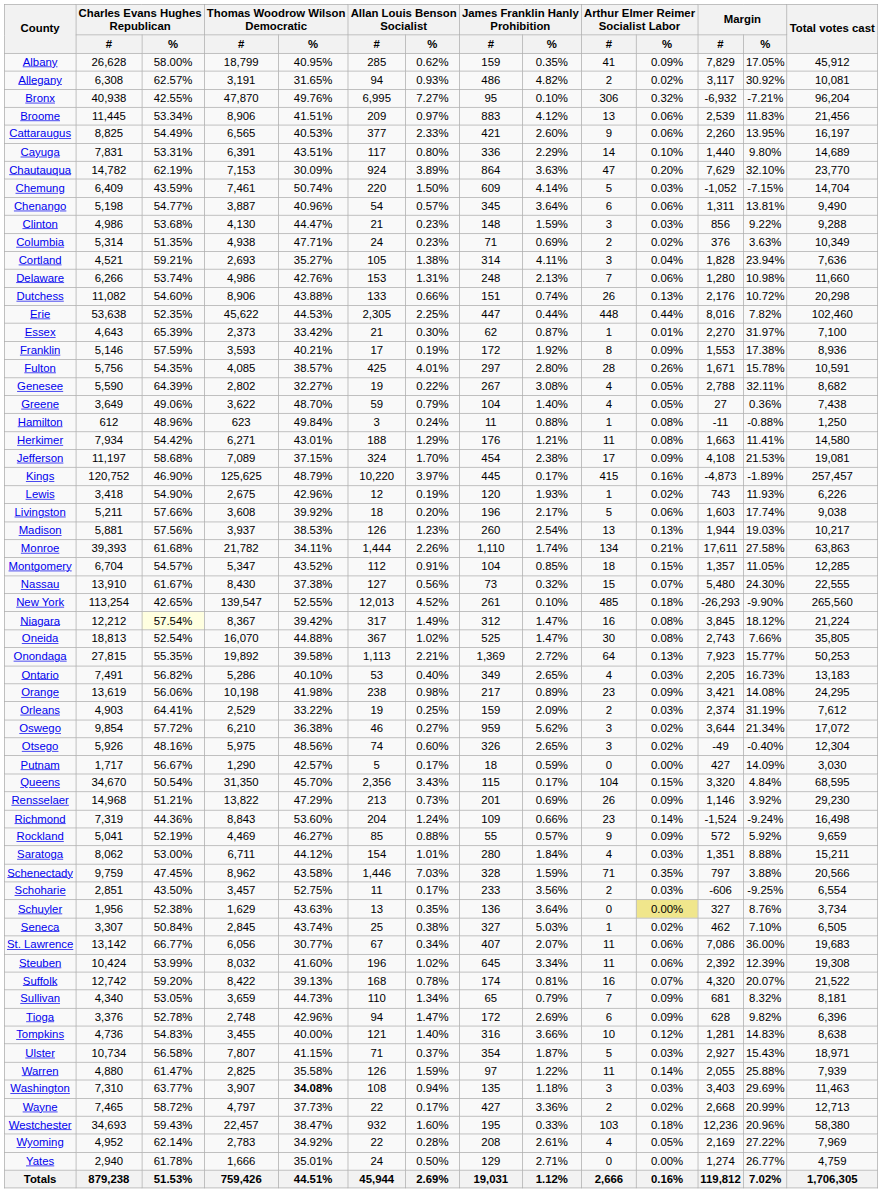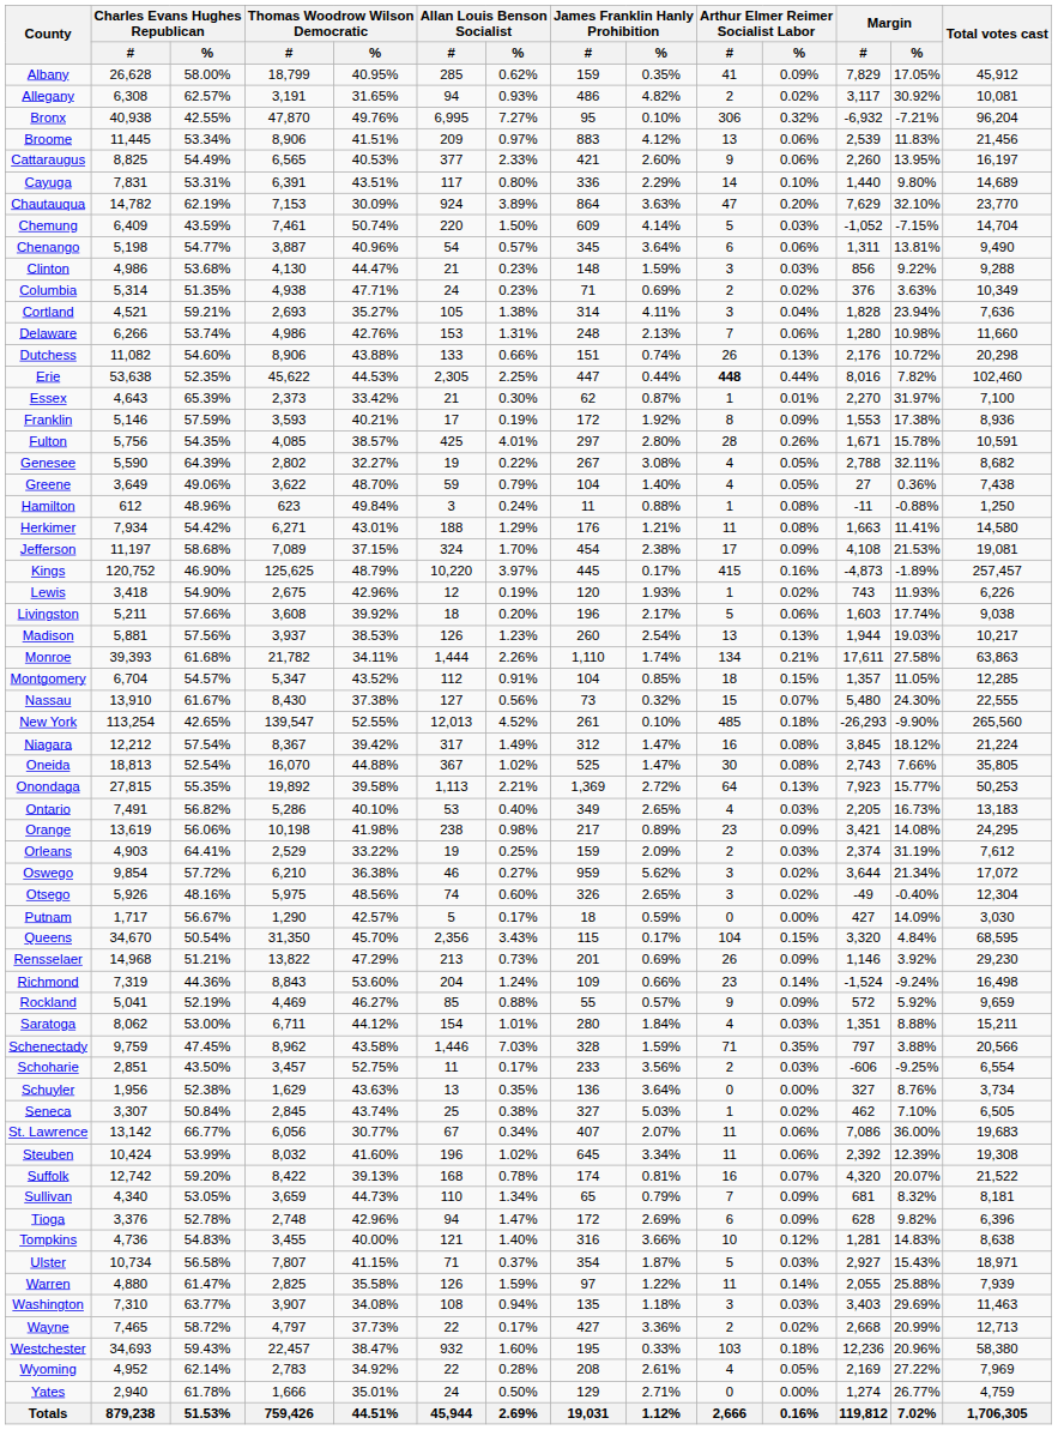 <table class="wikitable sortable" style="text-align:center">
 <tr>
 <th style="text-align:center;" rowspan="2">County</th>
 <th style="text-align:center;" colspan="2">Charles Evans Hughes<br>Republican</th>
 <th style="text-align:center;" colspan="2">Thomas Woodrow Wilson<br>Democratic</th>
 <th style="text-align:center;" colspan="2">Allan Louis Benson<br>Socialist</th>
 <th style="text-align:center;" colspan="2">James Franklin Hanly<br>Prohibition</th>
 <th style="text-align:center;" colspan="2">Arthur Elmer Reimer<br>Socialist Labor</th>
 <th style="text-align:center;" colspan="2">Margin</th>
 <th style="text-align:center;" rowspan="2">Total votes cast</th>
 </tr>
 <tr>
 <th style="text-align:center;" data-sort-type="number">#</th>
 <th style="text-align:center;" data-sort-type="number">%</th>
 <th style="text-align:center;" data-sort-type="number">#</th>
 <th style="text-align:center;" data-sort-type="number">%</th>
 <th style="text-align:center;" data-sort-type="number">#</th>
 <th style="text-align:center;" data-sort-type="number">%</th>
 <th style="text-align:center;" data-sort-type="number">#</th>
 <th style="text-align:center;" data-sort-type="number">%</th>
 <th style="text-align:center;" data-sort-type="number">#</th>
 <th style="text-align:center;" data-sort-type="number">%</th>
 <th style="text-align:center;" data-sort-type="number">#</th>
 <th style="text-align:center;" data-sort-type="number">%</th>
 </tr>
 <tr style="text-align:center;">
 <td><a href='#'>Albany</a></td>
 <td>26,628</td>
 <td>58.00%</td>
 <td>18,799</td>
 <td>40.95%</td>
 <td>285</td>
 <td>0.62%</td>
 <td>159</td>
 <td>0.35%</td>
 <td>41</td>
 <td>0.09%</td>
 <td>7,829</td>
 <td>17.05%</td>
 <td>45,912</td>
 </tr>
 <tr style="text-align:center;">
 <td><a href='#'>Allegany</a></td>
 <td>6,308</td>
 <td>62.57%</td>
 <td>3,191</td>
 <td>31.65%</td>
 <td>94</td>
 <td>0.93%</td>
 <td>486</td>
 <td>4.82%</td>
 <td>2</td>
 <td>0.02%</td>
 <td>3,117</td>
 <td>30.92%</td>
 <td>10,081</td>
 </tr>
 <tr style="text-align:center;">
 <td><a href='#'>Bronx</a></td>
 <td>40,938</td>
 <td>42.55%</td>
 <td>47,870</td>
 <td>49.76%</td>
 <td>6,995</td>
 <td>7.27%</td>
 <td>95</td>
 <td>0.10%</td>
 <td>306</td>
 <td>0.32%</td>
 <td>-6,932</td>
 <td>-7.21%</td>
 <td>96,204</td>
 </tr>
 <tr style="text-align:center;">
 <td><a href='#'>Broome</a></td>
 <td>11,445</td>
 <td>53.34%</td>
 <td>8,906</td>
 <td>41.51%</td>
 <td>209</td>
 <td>0.97%</td>
 <td>883</td>
 <td>4.12%</td>
 <td>13</td>
 <td>0.06%</td>
 <td>2,539</td>
 <td>11.83%</td>
 <td>21,456</td>
 </tr>
 <tr style="text-align:center;">
 <td><a href='#'>Cattaraugus</a></td>
 <td>8,825</td>
 <td>54.49%</td>
 <td>6,565</td>
 <td>40.53%</td>
 <td>377</td>
 <td>2.33%</td>
 <td>421</td>
 <td>2.60%</td>
 <td>9</td>
 <td>0.06%</td>
 <td>2,260</td>
 <td>13.95%</td>
 <td>16,197</td>
 </tr>
 <tr style="text-align:center;">
 <td><a href='#'>Cayuga</a></td>
 <td>7,831</td>
 <td>53.31%</td>
 <td>6,391</td>
 <td>43.51%</td>
 <td>117</td>
 <td>0.80%</td>
 <td>336</td>
 <td>2.29%</td>
 <td>14</td>
 <td>0.10%</td>
 <td>1,440</td>
 <td>9.80%</td>
 <td>14,689</td>
 </tr>
 <tr style="text-align:center;">
 <td><a href='#'>Chautauqua</a></td>
 <td>14,782</td>
 <td>62.19%</td>
 <td>7,153</td>
 <td>30.09%</td>
 <td>924</td>
 <td>3.89%</td>
 <td>864</td>
 <td>3.63%</td>
 <td>47</td>
 <td>0.20%</td>
 <td>7,629</td>
 <td>32.10%</td>
 <td>23,770</td>
 </tr>
 <tr style="text-align:center;">
 <td><a href='#'>Chemung</a></td>
 <td>6,409</td>
 <td>43.59%</td>
 <td>7,461</td>
 <td>50.74%</td>
 <td>220</td>
 <td>1.50%</td>
 <td>609</td>
 <td>4.14%</td>
 <td>5</td>
 <td>0.03%</td>
 <td>-1,052</td>
 <td>-7.15%</td>
 <td>14,704</td>
 </tr>
 <tr style="text-align:center;">
 <td><a href='#'>Chenango</a></td>
 <td>5,198</td>
 <td>54.77%</td>
 <td>3,887</td>
 <td>40.96%</td>
 <td>54</td>
 <td>0.57%</td>
 <td>345</td>
 <td>3.64%</td>
 <td>6</td>
 <td>0.06%</td>
 <td>1,311</td>
 <td>13.81%</td>
 <td>9,490</td>
 </tr>
 <tr style="text-align:center;">
 <td><a href='#'>Clinton</a></td>
 <td>4,986</td>
 <td>53.68%</td>
 <td>4,130</td>
 <td>44.47%</td>
 <td>21</td>
 <td>0.23%</td>
 <td>148</td>
 <td>1.59%</td>
 <td>3</td>
 <td>0.03%</td>
 <td>856</td>
 <td>9.22%</td>
 <td>9,288</td>
 </tr>
 <tr style="text-align:center;">
 <td><a href='#'>Columbia</a></td>
 <td>5,314</td>
 <td>51.35%</td>
 <td>4,938</td>
 <td>47.71%</td>
 <td>24</td>
 <td>0.23%</td>
 <td>71</td>
 <td>0.69%</td>
 <td>2</td>
 <td>0.02%</td>
 <td>376</td>
 <td>3.63%</td>
 <td>10,349</td>
 </tr>
 <tr style="text-align:center;">
 <td><a href='#'>Cortland</a></td>
 <td>4,521</td>
 <td>59.21%</td>
 <td>2,693</td>
 <td>35.27%</td>
 <td>105</td>
 <td>1.38%</td>
 <td>314</td>
 <td>4.11%</td>
 <td>3</td>
 <td>0.04%</td>
 <td>1,828</td>
 <td>23.94%</td>
 <td>7,636</td>
 </tr>
 <tr style="text-align:center;">
 <td><a href='#'>Delaware</a></td>
 <td>6,266</td>
 <td>53.74%</td>
 <td>4,986</td>
 <td>42.76%</td>
 <td>153</td>
 <td>1.31%</td>
 <td>248</td>
 <td>2.13%</td>
 <td>7</td>
 <td>0.06%</td>
 <td>1,280</td>
 <td>10.98%</td>
 <td>11,660</td>
 </tr>
 <tr style="text-align:center;">
 <td><a href='#'>Dutchess</a></td>
 <td>11,082</td>
 <td>54.60%</td>
 <td>8,906</td>
 <td>43.88%</td>
 <td>133</td>
 <td>0.66%</td>
 <td>151</td>
 <td>0.74%</td>
 <td>26</td>
 <td>0.13%</td>
 <td>2,176</td>
 <td>10.72%</td>
 <td>20,298</td>
 </tr>
 <tr style="text-align:center;">
 <td><a href='#'>Erie</a></td>
 <td>53,638</td>
 <td>52.35%</td>
 <td>45,622</td>
 <td>44.53%</td>
 <td>2,305</td>
 <td>2.25%</td>
 <td>447</td>
 <td>0.44%</td>
-<td>448</td>
+<td><strong>448</strong></td>
 <td>0.44%</td>
 <td>8,016</td>
 <td>7.82%</td>
 <td>102,460</td>
 </tr>
 <tr style="text-align:center;">
 <td><a href='#'>Essex</a></td>
 <td>4,643</td>
 <td>65.39%</td>
 <td>2,373</td>
 <td>33.42%</td>
 <td>21</td>
 <td>0.30%</td>
 <td>62</td>
 <td>0.87%</td>
 <td>1</td>
 <td>0.01%</td>
 <td>2,270</td>
 <td>31.97%</td>
 <td>7,100</td>
 </tr>
 <tr style="text-align:center;">
 <td><a href='#'>Franklin</a></td>
 <td>5,146</td>
 <td>57.59%</td>
 <td>3,593</td>
 <td>40.21%</td>
 <td>17</td>
 <td>0.19%</td>
 <td>172</td>
 <td>1.92%</td>
 <td>8</td>
 <td>0.09%</td>
 <td>1,553</td>
 <td>17.38%</td>
 <td>8,936</td>
 </tr>
 <tr style="text-align:center;">
 <td><a href='#'>Fulton</a></td>
 <td>5,756</td>
 <td>54.35%</td>
 <td>4,085</td>
 <td>38.57%</td>
 <td>425</td>
 <td>4.01%</td>
 <td>297</td>
 <td>2.80%</td>
 <td>28</td>
 <td>0.26%</td>
 <td>1,671</td>
 <td>15.78%</td>
 <td>10,591</td>
 </tr>
 <tr style="text-align:center;">
 <td><a href='#'>Genesee</a></td>
 <td>5,590</td>
 <td>64.39%</td>
 <td>2,802</td>
 <td>32.27%</td>
 <td>19</td>
 <td>0.22%</td>
 <td>267</td>
 <td>3.08%</td>
 <td>4</td>
 <td>0.05%</td>
 <td>2,788</td>
 <td>32.11%</td>
 <td>8,682</td>
 </tr>
 <tr style="text-align:center;">
 <td><a href='#'>Greene</a></td>
 <td>3,649</td>
 <td>49.06%</td>
 <td>3,622</td>
 <td>48.70%</td>
 <td>59</td>
 <td>0.79%</td>
 <td>104</td>
 <td>1.40%</td>
 <td>4</td>
 <td>0.05%</td>
 <td>27</td>
 <td>0.36%</td>
 <td>7,438</td>
 </tr>
 <tr style="text-align:center;">
 <td><a href='#'>Hamilton</a></td>
 <td>612</td>
 <td>48.96%</td>
 <td>623</td>
 <td>49.84%</td>
 <td>3</td>
 <td>0.24%</td>
 <td>11</td>
 <td>0.88%</td>
 <td>1</td>
 <td>0.08%</td>
 <td>-11</td>
 <td>-0.88%</td>
 <td>1,250</td>
 </tr>
 <tr style="text-align:center;">
 <td><a href='#'>Herkimer</a></td>
 <td>7,934</td>
 <td>54.42%</td>
 <td>6,271</td>
 <td>43.01%</td>
 <td>188</td>
 <td>1.29%</td>
 <td>176</td>
 <td>1.21%</td>
 <td>11</td>
 <td>0.08%</td>
 <td>1,663</td>
 <td>11.41%</td>
 <td>14,580</td>
 </tr>
 <tr style="text-align:center;">
 <td><a href='#'>Jefferson</a></td>
 <td>11,197</td>
 <td>58.68%</td>
 <td>7,089</td>
 <td>37.15%</td>
 <td>324</td>
 <td>1.70%</td>
 <td>454</td>
 <td>2.38%</td>
 <td>17</td>
 <td>0.09%</td>
 <td>4,108</td>
 <td>21.53%</td>
 <td>19,081</td>
 </tr>
 <tr style="text-align:center;">
 <td><a href='#'>Kings</a></td>
 <td>120,752</td>
 <td>46.90%</td>
 <td>125,625</td>
 <td>48.79%</td>
 <td>10,220</td>
 <td>3.97%</td>
 <td>445</td>
 <td>0.17%</td>
 <td>415</td>
 <td>0.16%</td>
 <td>-4,873</td>
 <td>-1.89%</td>
 <td>257,457</td>
 </tr>
 <tr style="text-align:center;">
 <td><a href='#'>Lewis</a></td>
 <td>3,418</td>
 <td>54.90%</td>
 <td>2,675</td>
 <td>42.96%</td>
 <td>12</td>
 <td>0.19%</td>
 <td>120</td>
 <td>1.93%</td>
 <td>1</td>
 <td>0.02%</td>
 <td>743</td>
 <td>11.93%</td>
 <td>6,226</td>
 </tr>
 <tr style="text-align:center;">
 <td><a href='#'>Livingston</a></td>
 <td>5,211</td>
 <td>57.66%</td>
 <td>3,608</td>
 <td>39.92%</td>
 <td>18</td>
 <td>0.20%</td>
 <td>196</td>
 <td>2.17%</td>
 <td>5</td>
 <td>0.06%</td>
 <td>1,603</td>
 <td>17.74%</td>
 <td>9,038</td>
 </tr>
 <tr style="text-align:center;">
 <td><a href='#'>Madison</a></td>
 <td>5,881</td>
 <td>57.56%</td>
 <td>3,937</td>
 <td>38.53%</td>
 <td>126</td>
 <td>1.23%</td>
 <td>260</td>
 <td>2.54%</td>
 <td>13</td>
 <td>0.13%</td>
 <td>1,944</td>
 <td>19.03%</td>
 <td>10,217</td>
 </tr>
 <tr style="text-align:center;">
 <td><a href='#'>Monroe</a></td>
 <td>39,393</td>
 <td>61.68%</td>
 <td>21,782</td>
 <td>34.11%</td>
 <td>1,444</td>
 <td>2.26%</td>
 <td>1,110</td>
 <td>1.74%</td>
 <td>134</td>
 <td>0.21%</td>
 <td>17,611</td>
 <td>27.58%</td>
 <td>63,863</td>
 </tr>
 <tr style="text-align:center;">
 <td><a href='#'>Montgomery</a></td>
 <td>6,704</td>
 <td>54.57%</td>
 <td>5,347</td>
 <td>43.52%</td>
 <td>112</td>
 <td>0.91%</td>
 <td>104</td>
 <td>0.85%</td>
 <td>18</td>
 <td>0.15%</td>
 <td>1,357</td>
 <td>11.05%</td>
 <td>12,285</td>
 </tr>
 <tr style="text-align:center;">
 <td><a href='#'>Nassau</a></td>
 <td>13,910</td>
 <td>61.67%</td>
 <td>8,430</td>
 <td>37.38%</td>
 <td>127</td>
 <td>0.56%</td>
 <td>73</td>
 <td>0.32%</td>
 <td>15</td>
 <td>0.07%</td>
 <td>5,480</td>
 <td>24.30%</td>
 <td>22,555</td>
 </tr>
 <tr style="text-align:center;">
 <td><a href='#'>New York</a></td>
 <td>113,254</td>
 <td>42.65%</td>
 <td>139,547</td>
 <td>52.55%</td>
 <td>12,013</td>
 <td>4.52%</td>
 <td>261</td>
 <td>0.10%</td>
 <td>485</td>
 <td>0.18%</td>
 <td>-26,293</td>
 <td>-9.90%</td>
 <td>265,560</td>
 </tr>
 <tr style="text-align:center;">
 <td><a href='#'>Niagara</a></td>
 <td>12,212</td>
-<td style="background: lightyellow;">57.54%</td>
+<td>57.54%</td>
 <td>8,367</td>
 <td>39.42%</td>
 <td>317</td>
 <td>1.49%</td>
 <td>312</td>
 <td>1.47%</td>
 <td>16</td>
 <td>0.08%</td>
 <td>3,845</td>
 <td>18.12%</td>
 <td>21,224</td>
 </tr>
 <tr style="text-align:center;">
 <td><a href='#'>Oneida</a></td>
 <td>18,813</td>
 <td>52.54%</td>
 <td>16,070</td>
 <td>44.88%</td>
 <td>367</td>
 <td>1.02%</td>
 <td>525</td>
 <td>1.47%</td>
 <td>30</td>
 <td>0.08%</td>
 <td>2,743</td>
 <td>7.66%</td>
 <td>35,805</td>
 </tr>
 <tr style="text-align:center;">
 <td><a href='#'>Onondaga</a></td>
 <td>27,815</td>
 <td>55.35%</td>
 <td>19,892</td>
 <td>39.58%</td>
 <td>1,113</td>
 <td>2.21%</td>
 <td>1,369</td>
 <td>2.72%</td>
 <td>64</td>
 <td>0.13%</td>
 <td>7,923</td>
 <td>15.77%</td>
 <td>50,253</td>
 </tr>
 <tr style="text-align:center;">
 <td><a href='#'>Ontario</a></td>
 <td>7,491</td>
 <td>56.82%</td>
 <td>5,286</td>
 <td>40.10%</td>
 <td>53</td>
 <td>0.40%</td>
 <td>349</td>
 <td>2.65%</td>
 <td>4</td>
 <td>0.03%</td>
 <td>2,205</td>
 <td>16.73%</td>
 <td>13,183</td>
 </tr>
 <tr style="text-align:center;">
 <td><a href='#'>Orange</a></td>
 <td>13,619</td>
 <td>56.06%</td>
 <td>10,198</td>
 <td>41.98%</td>
 <td>238</td>
 <td>0.98%</td>
 <td>217</td>
 <td>0.89%</td>
 <td>23</td>
 <td>0.09%</td>
 <td>3,421</td>
 <td>14.08%</td>
 <td>24,295</td>
 </tr>
 <tr style="text-align:center;">
 <td><a href='#'>Orleans</a></td>
 <td>4,903</td>
 <td>64.41%</td>
 <td>2,529</td>
 <td>33.22%</td>
 <td>19</td>
 <td>0.25%</td>
 <td>159</td>
 <td>2.09%</td>
 <td>2</td>
 <td>0.03%</td>
 <td>2,374</td>
 <td>31.19%</td>
 <td>7,612</td>
 </tr>
 <tr style="text-align:center;">
 <td><a href='#'>Oswego</a></td>
 <td>9,854</td>
 <td>57.72%</td>
 <td>6,210</td>
 <td>36.38%</td>
 <td>46</td>
 <td>0.27%</td>
 <td>959</td>
 <td>5.62%</td>
 <td>3</td>
 <td>0.02%</td>
 <td>3,644</td>
 <td>21.34%</td>
 <td>17,072</td>
 </tr>
 <tr style="text-align:center;">
 <td><a href='#'>Otsego</a></td>
 <td>5,926</td>
 <td>48.16%</td>
 <td>5,975</td>
 <td>48.56%</td>
 <td>74</td>
 <td>0.60%</td>
 <td>326</td>
 <td>2.65%</td>
 <td>3</td>
 <td>0.02%</td>
 <td>-49</td>
 <td>-0.40%</td>
 <td>12,304</td>
 </tr>
 <tr style="text-align:center;">
 <td><a href='#'>Putnam</a></td>
 <td>1,717</td>
 <td>56.67%</td>
 <td>1,290</td>
 <td>42.57%</td>
 <td>5</td>
 <td>0.17%</td>
 <td>18</td>
 <td>0.59%</td>
 <td>0</td>
 <td>0.00%</td>
 <td>427</td>
 <td>14.09%</td>
 <td>3,030</td>
 </tr>
 <tr style="text-align:center;">
 <td><a href='#'>Queens</a></td>
 <td>34,670</td>
 <td>50.54%</td>
 <td>31,350</td>
 <td>45.70%</td>
 <td>2,356</td>
 <td>3.43%</td>
 <td>115</td>
 <td>0.17%</td>
 <td>104</td>
 <td>0.15%</td>
 <td>3,320</td>
 <td>4.84%</td>
 <td>68,595</td>
 </tr>
 <tr style="text-align:center;">
 <td><a href='#'>Rensselaer</a></td>
 <td>14,968</td>
 <td>51.21%</td>
 <td>13,822</td>
 <td>47.29%</td>
 <td>213</td>
 <td>0.73%</td>
 <td>201</td>
 <td>0.69%</td>
 <td>26</td>
 <td>0.09%</td>
 <td>1,146</td>
 <td>3.92%</td>
 <td>29,230</td>
 </tr>
 <tr style="text-align:center;">
 <td><a href='#'>Richmond</a></td>
 <td>7,319</td>
 <td>44.36%</td>
 <td>8,843</td>
 <td>53.60%</td>
 <td>204</td>
 <td>1.24%</td>
 <td>109</td>
 <td>0.66%</td>
 <td>23</td>
 <td>0.14%</td>
 <td>-1,524</td>
 <td>-9.24%</td>
 <td>16,498</td>
 </tr>
 <tr style="text-align:center;">
 <td><a href='#'>Rockland</a></td>
 <td>5,041</td>
 <td>52.19%</td>
 <td>4,469</td>
 <td>46.27%</td>
 <td>85</td>
 <td>0.88%</td>
 <td>55</td>
 <td>0.57%</td>
 <td>9</td>
 <td>0.09%</td>
 <td>572</td>
 <td>5.92%</td>
 <td>9,659</td>
 </tr>
 <tr style="text-align:center;">
 <td><a href='#'>Saratoga</a></td>
 <td>8,062</td>
 <td>53.00%</td>
 <td>6,711</td>
 <td>44.12%</td>
 <td>154</td>
 <td>1.01%</td>
 <td>280</td>
 <td>1.84%</td>
 <td>4</td>
 <td>0.03%</td>
 <td>1,351</td>
 <td>8.88%</td>
 <td>15,211</td>
 </tr>
 <tr style="text-align:center;">
 <td><a href='#'>Schenectady</a></td>
 <td>9,759</td>
 <td>47.45%</td>
 <td>8,962</td>
 <td>43.58%</td>
 <td>1,446</td>
 <td>7.03%</td>
 <td>328</td>
 <td>1.59%</td>
 <td>71</td>
 <td>0.35%</td>
 <td>797</td>
 <td>3.88%</td>
 <td>20,566</td>
 </tr>
 <tr style="text-align:center;">
 <td><a href='#'>Schoharie</a></td>
 <td>2,851</td>
 <td>43.50%</td>
 <td>3,457</td>
 <td>52.75%</td>
 <td>11</td>
 <td>0.17%</td>
 <td>233</td>
 <td>3.56%</td>
 <td>2</td>
 <td>0.03%</td>
 <td>-606</td>
 <td>-9.25%</td>
 <td>6,554</td>
 </tr>
 <tr style="text-align:center;">
 <td><a href='#'>Schuyler</a></td>
 <td>1,956</td>
 <td>52.38%</td>
 <td>1,629</td>
 <td>43.63%</td>
 <td>13</td>
 <td>0.35%</td>
 <td>136</td>
 <td>3.64%</td>
 <td>0</td>
-<td style="background: khaki;">0.00%</td>
+<td>0.00%</td>
 <td>327</td>
 <td>8.76%</td>
 <td>3,734</td>
 </tr>
 <tr style="text-align:center;">
 <td><a href='#'>Seneca</a></td>
 <td>3,307</td>
 <td>50.84%</td>
 <td>2,845</td>
 <td>43.74%</td>
 <td>25</td>
 <td>0.38%</td>
 <td>327</td>
 <td>5.03%</td>
 <td>1</td>
 <td>0.02%</td>
 <td>462</td>
 <td>7.10%</td>
 <td>6,505</td>
 </tr>
 <tr style="text-align:center;">
 <td><a href='#'>St. Lawrence</a></td>
 <td>13,142</td>
 <td>66.77%</td>
 <td>6,056</td>
 <td>30.77%</td>
 <td>67</td>
 <td>0.34%</td>
 <td>407</td>
 <td>2.07%</td>
 <td>11</td>
 <td>0.06%</td>
 <td>7,086</td>
 <td>36.00%</td>
 <td>19,683</td>
 </tr>
 <tr style="text-align:center;">
 <td><a href='#'>Steuben</a></td>
 <td>10,424</td>
 <td>53.99%</td>
 <td>8,032</td>
 <td>41.60%</td>
 <td>196</td>
 <td>1.02%</td>
 <td>645</td>
 <td>3.34%</td>
 <td>11</td>
 <td>0.06%</td>
 <td>2,392</td>
 <td>12.39%</td>
 <td>19,308</td>
 </tr>
 <tr style="text-align:center;">
 <td><a href='#'>Suffolk</a></td>
 <td>12,742</td>
 <td>59.20%</td>
 <td>8,422</td>
 <td>39.13%</td>
 <td>168</td>
 <td>0.78%</td>
 <td>174</td>
 <td>0.81%</td>
 <td>16</td>
 <td>0.07%</td>
 <td>4,320</td>
 <td>20.07%</td>
 <td>21,522</td>
 </tr>
 <tr style="text-align:center;">
 <td><a href='#'>Sullivan</a></td>
 <td>4,340</td>
 <td>53.05%</td>
 <td>3,659</td>
 <td>44.73%</td>
 <td>110</td>
 <td>1.34%</td>
 <td>65</td>
 <td>0.79%</td>
 <td>7</td>
 <td>0.09%</td>
 <td>681</td>
 <td>8.32%</td>
 <td>8,181</td>
 </tr>
 <tr style="text-align:center;">
 <td><a href='#'>Tioga</a></td>
 <td>3,376</td>
 <td>52.78%</td>
 <td>2,748</td>
 <td>42.96%</td>
 <td>94</td>
 <td>1.47%</td>
 <td>172</td>
 <td>2.69%</td>
 <td>6</td>
 <td>0.09%</td>
 <td>628</td>
 <td>9.82%</td>
 <td>6,396</td>
 </tr>
 <tr style="text-align:center;">
 <td><a href='#'>Tompkins</a></td>
 <td>4,736</td>
 <td>54.83%</td>
 <td>3,455</td>
 <td>40.00%</td>
 <td>121</td>
 <td>1.40%</td>
 <td>316</td>
 <td>3.66%</td>
 <td>10</td>
 <td>0.12%</td>
 <td>1,281</td>
 <td>14.83%</td>
 <td>8,638</td>
 </tr>
 <tr style="text-align:center;">
 <td><a href='#'>Ulster</a></td>
 <td>10,734</td>
 <td>56.58%</td>
 <td>7,807</td>
 <td>41.15%</td>
 <td>71</td>
 <td>0.37%</td>
 <td>354</td>
 <td>1.87%</td>
 <td>5</td>
 <td>0.03%</td>
 <td>2,927</td>
 <td>15.43%</td>
 <td>18,971</td>
 </tr>
 <tr style="text-align:center;">
 <td><a href='#'>Warren</a></td>
 <td>4,880</td>
 <td>61.47%</td>
 <td>2,825</td>
 <td>35.58%</td>
 <td>126</td>
 <td>1.59%</td>
 <td>97</td>
 <td>1.22%</td>
 <td>11</td>
 <td>0.14%</td>
 <td>2,055</td>
 <td>25.88%</td>
 <td>7,939</td>
 </tr>
 <tr style="text-align:center;">
 <td><a href='#'>Washington</a></td>
 <td>7,310</td>
 <td>63.77%</td>
 <td>3,907</td>
-<td><strong>34.08%</strong></td>
+<td>34.08%</td>
 <td>108</td>
 <td>0.94%</td>
 <td>135</td>
 <td>1.18%</td>
 <td>3</td>
 <td>0.03%</td>
 <td>3,403</td>
 <td>29.69%</td>
 <td>11,463</td>
 </tr>
 <tr style="text-align:center;">
 <td><a href='#'>Wayne</a></td>
 <td>7,465</td>
 <td>58.72%</td>
 <td>4,797</td>
 <td>37.73%</td>
 <td>22</td>
 <td>0.17%</td>
 <td>427</td>
 <td>3.36%</td>
 <td>2</td>
 <td>0.02%</td>
 <td>2,668</td>
 <td>20.99%</td>
 <td>12,713</td>
 </tr>
 <tr style="text-align:center;">
 <td><a href='#'>Westchester</a></td>
 <td>34,693</td>
 <td>59.43%</td>
 <td>22,457</td>
 <td>38.47%</td>
 <td>932</td>
 <td>1.60%</td>
 <td>195</td>
 <td>0.33%</td>
 <td>103</td>
 <td>0.18%</td>
 <td>12,236</td>
 <td>20.96%</td>
 <td>58,380</td>
 </tr>
 <tr style="text-align:center;">
 <td><a href='#'>Wyoming</a></td>
 <td>4,952</td>
 <td>62.14%</td>
 <td>2,783</td>
 <td>34.92%</td>
 <td>22</td>
 <td>0.28%</td>
 <td>208</td>
 <td>2.61%</td>
 <td>4</td>
 <td>0.05%</td>
 <td>2,169</td>
 <td>27.22%</td>
 <td>7,969</td>
 </tr>
 <tr style="text-align:center;">
 <td><a href='#'>Yates</a></td>
 <td>2,940</td>
 <td>61.78%</td>
 <td>1,666</td>
 <td>35.01%</td>
 <td>24</td>
 <td>0.50%</td>
 <td>129</td>
 <td>2.71%</td>
 <td>0</td>
 <td>0.00%</td>
 <td>1,274</td>
 <td>26.77%</td>
 <td>4,759</td>
 </tr>
 <tr style="text-align:center;">
 <th>Totals</th>
 <th>879,238</th>
 <th>51.53%</th>
 <th>759,426</th>
 <th>44.51%</th>
 <th>45,944</th>
 <th>2.69%</th>
 <th>19,031</th>
 <th>1.12%</th>
 <th>2,666</th>
 <th>0.16%</th>
 <th>119,812</th>
 <th>7.02%</th>
 <th>1,706,305</th>
 </tr>
 </table>
